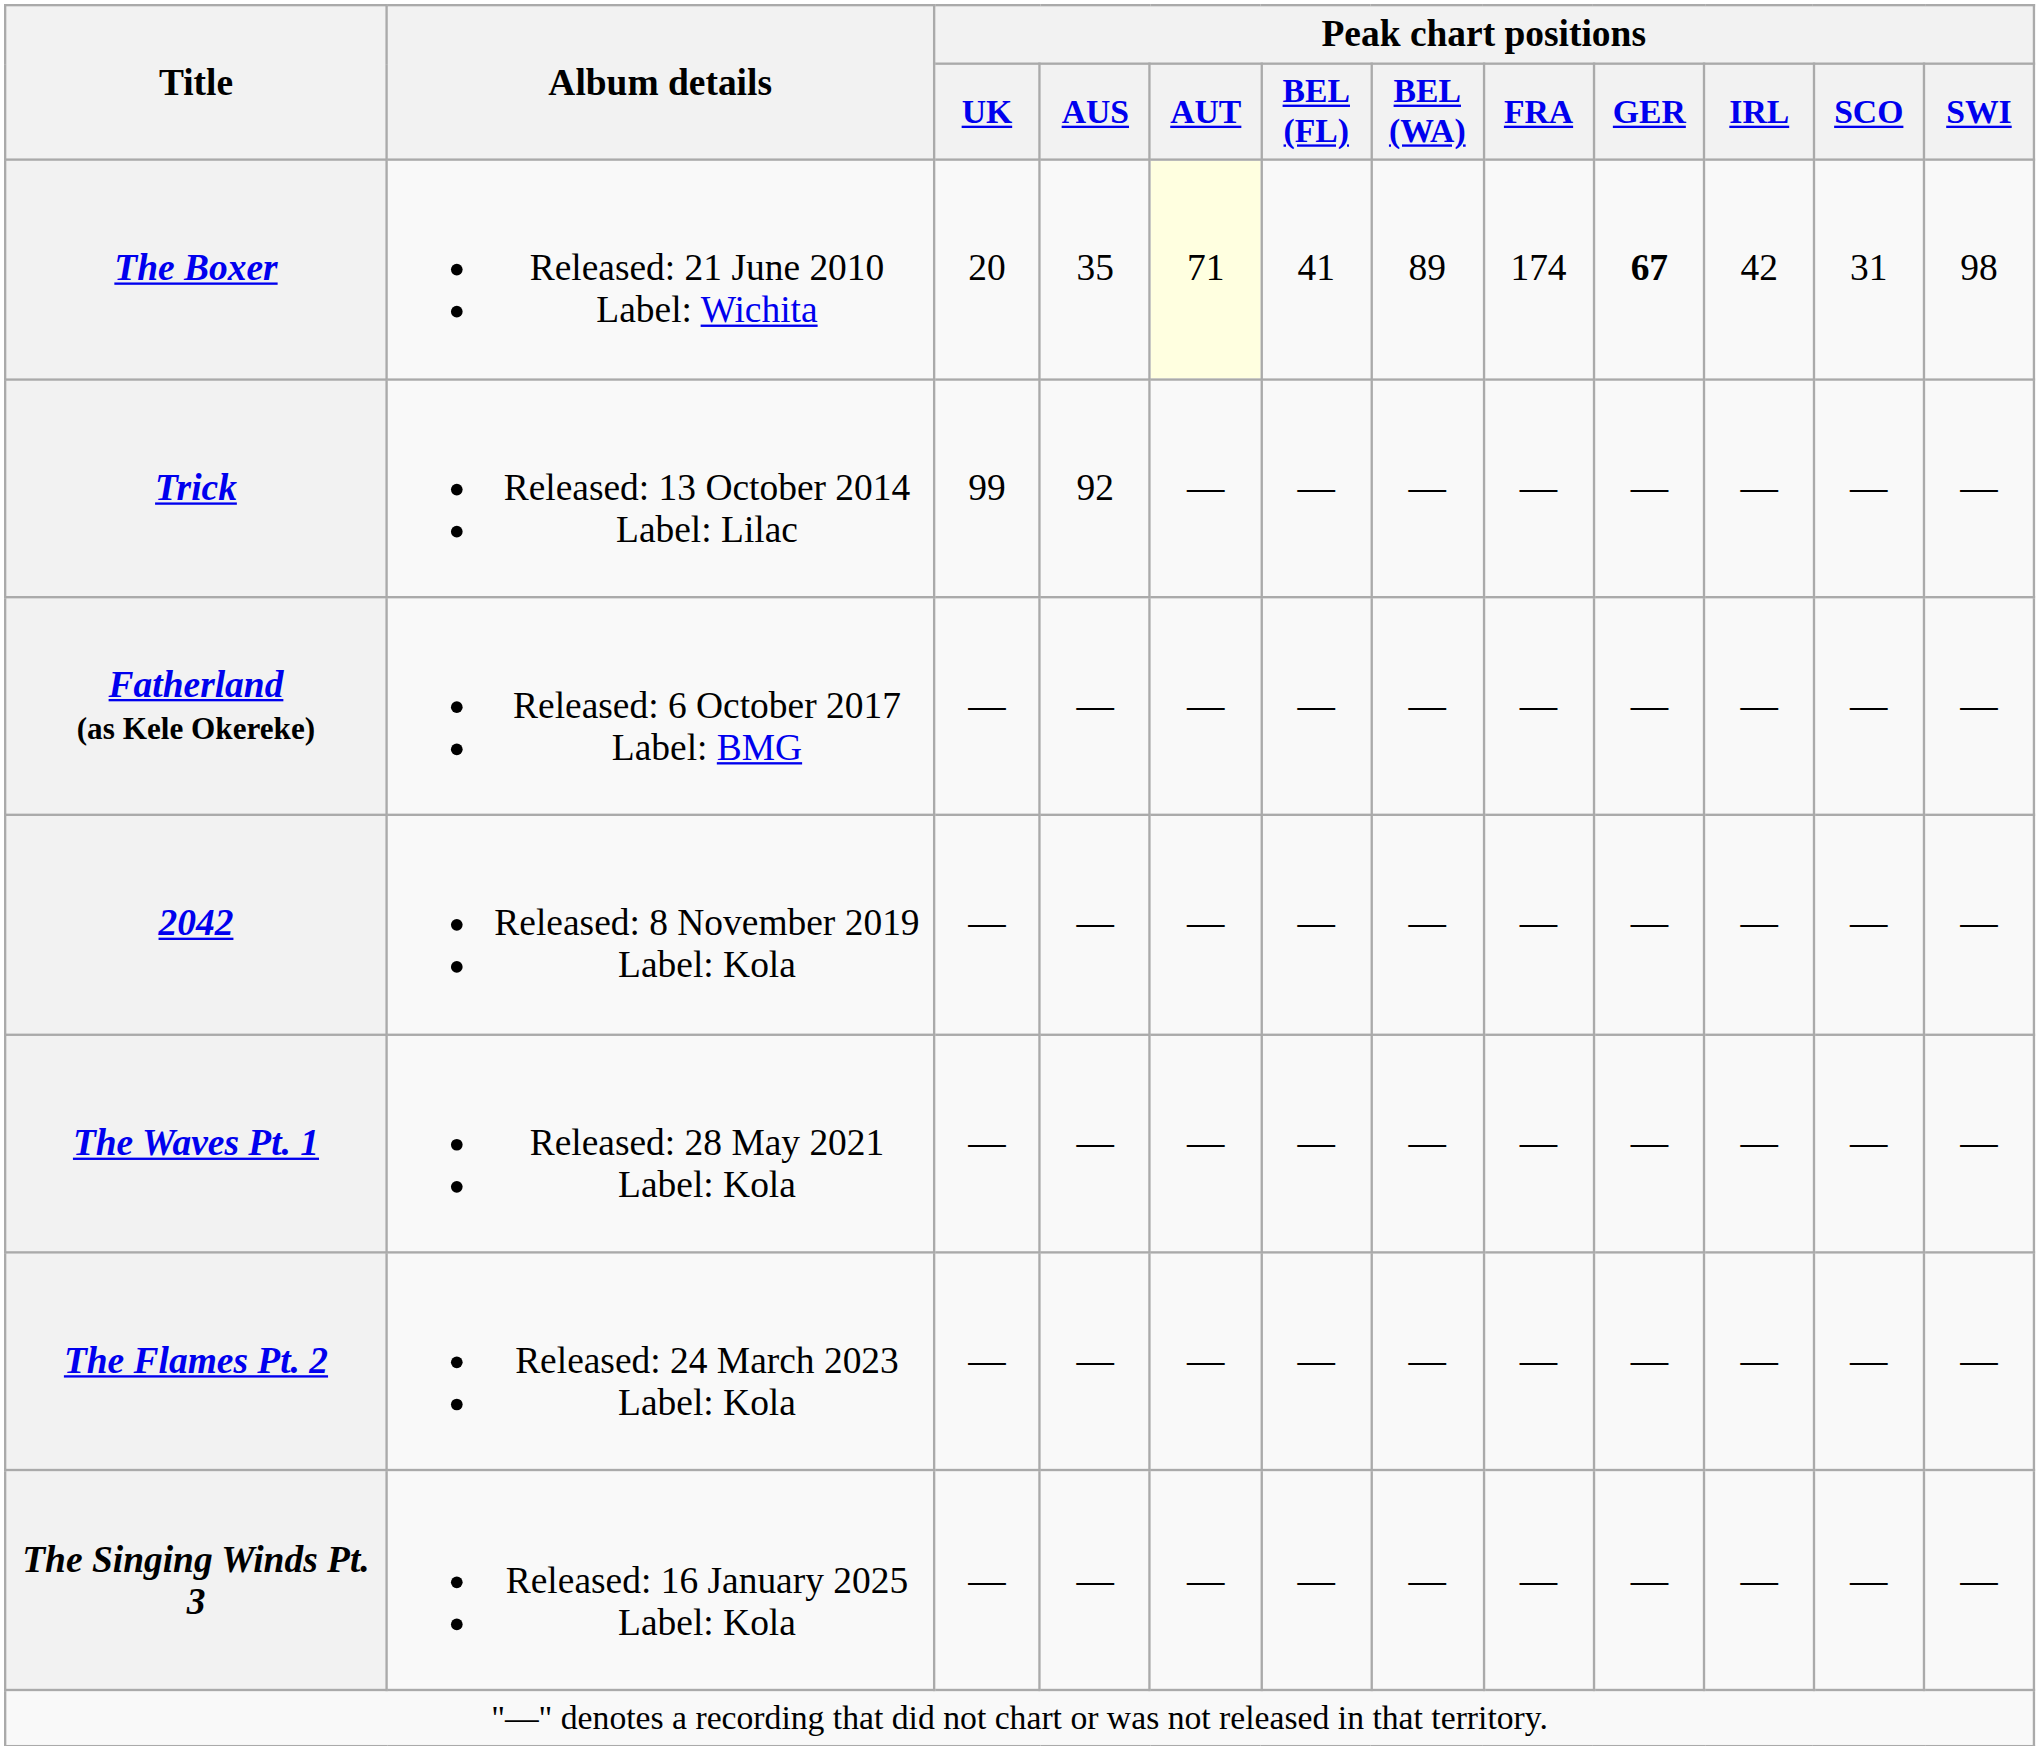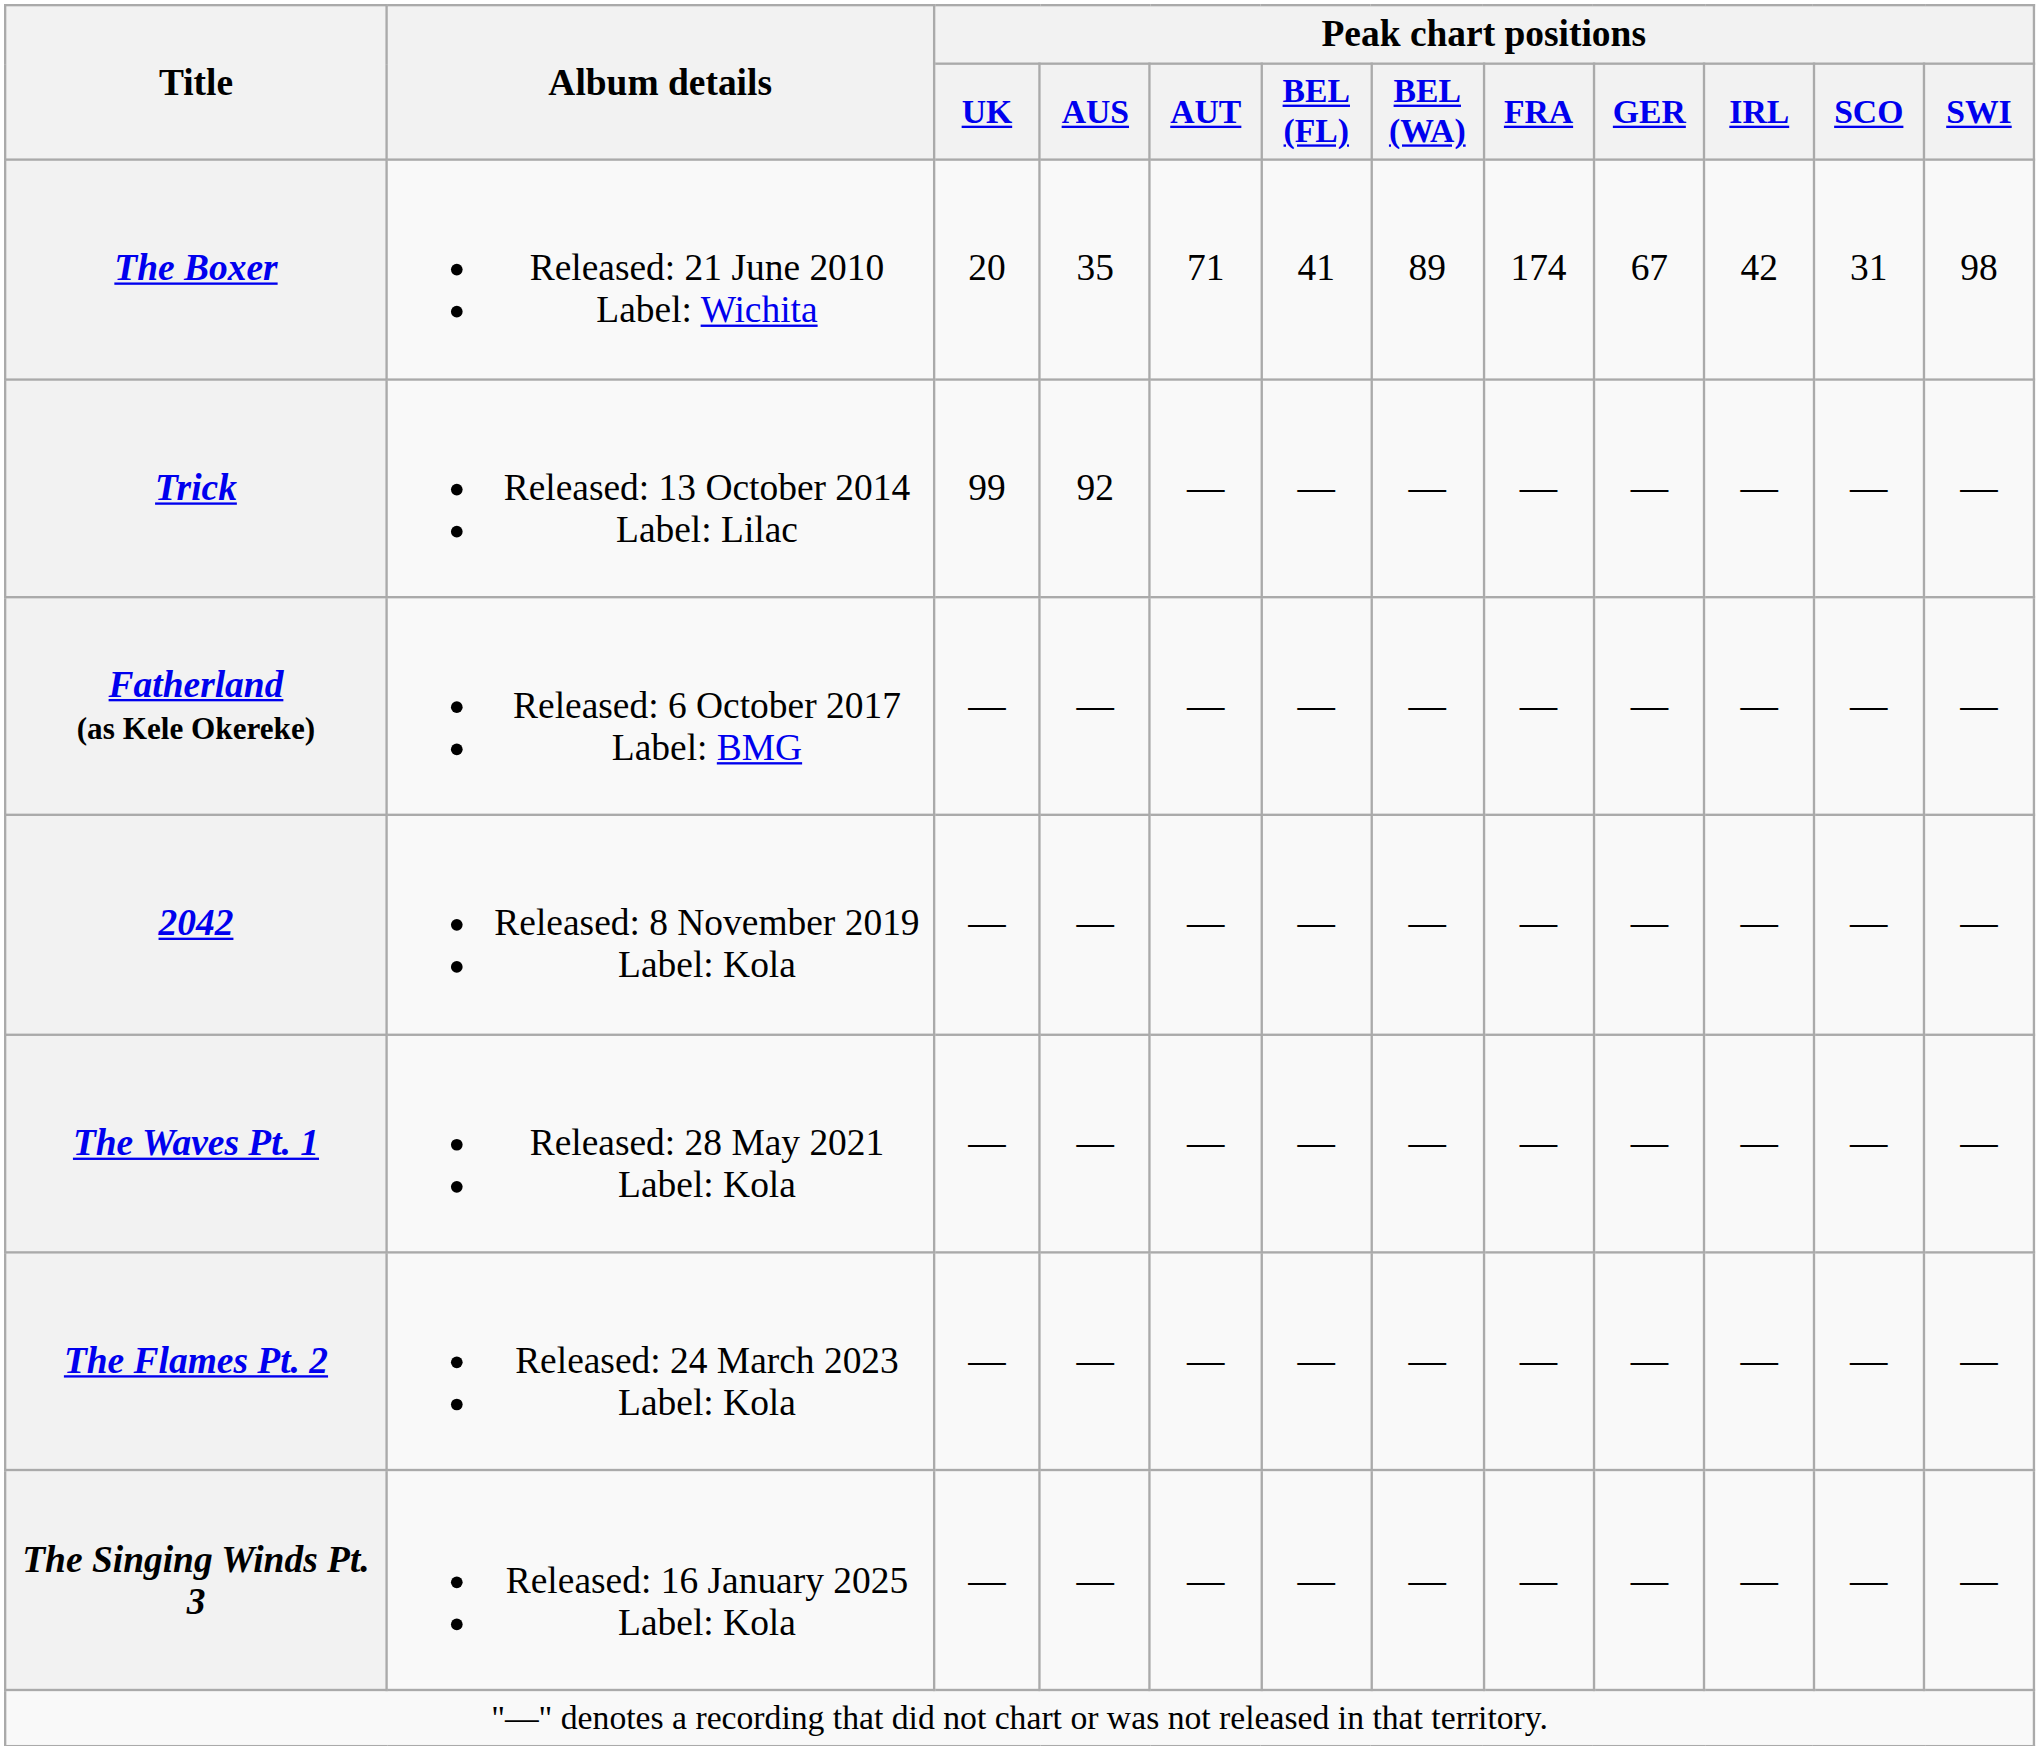 <table class="wikitable plainrowheaders" style="text-align:center;">
 <tr>
 <th scope="col" rowspan="2" style="width:11em;">Title</th>
 <th scope="col" rowspan="2" style="width:16em;">Album details</th>
 <th scope="col" colspan="10">Peak chart positions</th>
 </tr>
 <tr>
 <th scope="col" style="width:3em;font-size:90%;"><a href='#'>UK</a><br></th>
 <th scope="col" style="width:3em;font-size:90%;"><a href='#'>AUS</a><br></th>
 <th scope="col" style="width:3em;font-size:90%;"><a href='#'>AUT</a><br></th>
 <th scope="col" style="width:3em;font-size:90%;"><a href='#'>BEL<br>(FL)</a><br></th>
 <th scope="col" style="width:3em;font-size:90%;"><a href='#'>BEL<br>(WA)</a><br></th>
 <th scope="col" style="width:3em;font-size:90%;"><a href='#'>FRA</a><br></th>
 <th scope="col" style="width:3em;font-size:90%;"><a href='#'>GER</a><br></th>
 <th scope="col" style="width:3em;font-size:90%;"><a href='#'>IRL</a><br></th>
 <th scope="col" style="width:3em;font-size:90%;"><a href='#'>SCO</a><br></th>
 <th scope="col" style="width:3em;font-size:90%;"><a href='#'>SWI</a><br></th>
 </tr>
 <tr>
 <th scope="row"><em><a href='#'>The Boxer</a></em></th>
 <td><br><ul><li>Released: 21 June 2010</li><li>Label: <a href='#'>Wichita</a></li></ul></td>
 <td>20</td>
 <td>35</td>
-<td style="background: lightyellow;">71</td>
+<td>71</td>
 <td>41</td>
 <td>89</td>
 <td>174</td>
-<td><strong>67</strong></td>
+<td>67</td>
 <td>42</td>
 <td>31</td>
 <td>98</td>
 </tr>
 <tr>
 <th scope="row"><em><a href='#'>Trick</a></em></th>
 <td><br><ul><li>Released: 13 October 2014</li><li>Label: Lilac</li></ul></td>
 <td>99</td>
 <td>92</td>
 <td>—</td>
 <td>—</td>
 <td>—</td>
 <td>—</td>
 <td>—</td>
 <td>—</td>
 <td>—</td>
 <td>—</td>
 </tr>
 <tr>
 <th scope="row"><em><a href='#'>Fatherland</a></em><br><small>(as Kele Okereke)</small></th>
 <td><br><ul><li>Released: 6 October 2017</li><li>Label: <a href='#'>BMG</a></li></ul></td>
 <td>—</td>
 <td>—</td>
 <td>—</td>
 <td>—</td>
 <td>—</td>
 <td>—</td>
 <td>—</td>
 <td>—</td>
 <td>—</td>
 <td>—</td>
 </tr>
 <tr>
 <th scope="row"><em><a href='#'>2042</a></em></th>
 <td><br><ul><li>Released: 8 November 2019</li><li>Label: Kola</li></ul></td>
 <td>—</td>
 <td>—</td>
 <td>—</td>
 <td>—</td>
 <td>—</td>
 <td>—</td>
 <td>—</td>
 <td>—</td>
 <td>—</td>
 <td>—</td>
 </tr>
 <tr>
 <th scope="row"><em><a href='#'>The Waves Pt. 1</a></em></th>
 <td><br><ul><li>Released: 28 May 2021</li><li>Label: Kola</li></ul></td>
 <td>—</td>
 <td>—</td>
 <td>—</td>
 <td>—</td>
 <td>—</td>
 <td>—</td>
 <td>—</td>
 <td>—</td>
 <td>—</td>
 <td>—</td>
 </tr>
 <tr>
 <th scope="row"><em><a href='#'>The Flames Pt. 2</a></em></th>
 <td><br><ul><li>Released: 24 March 2023</li><li>Label: Kola</li></ul></td>
 <td>—</td>
 <td>—</td>
 <td>—</td>
 <td>—</td>
 <td>—</td>
 <td>—</td>
 <td>—</td>
 <td>—</td>
 <td>—</td>
 <td>—</td>
 </tr>
 <tr>
 <th scope="row"><em>The Singing Winds Pt. 3</em></th>
 <td><br><ul><li>Released: 16 January 2025</li><li>Label: Kola</li></ul></td>
 <td>—</td>
 <td>—</td>
 <td>—</td>
 <td>—</td>
 <td>—</td>
 <td>—</td>
 <td>—</td>
 <td>—</td>
 <td>—</td>
 <td>—</td>
 </tr>
 <tr>
 <td colspan="14" style="font-size:90%">"—" denotes a recording that did not chart or was not released in that territory.</td>
 </tr>
 </table>
